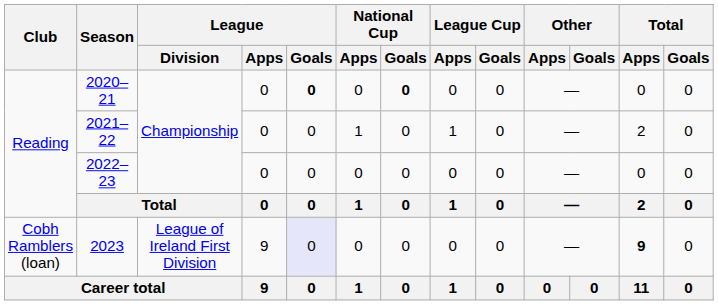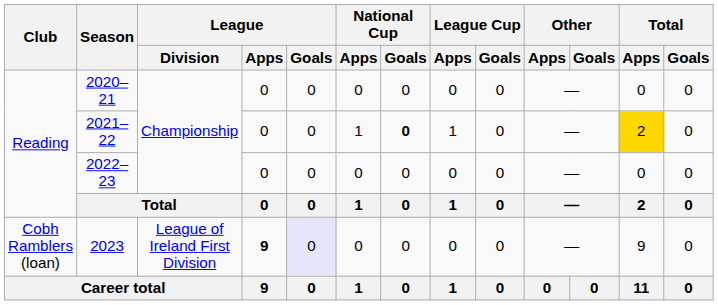 <table class="wikitable" style="text-align: center">
 <tr>
 <th rowspan="2">Club</th>
 <th rowspan="2">Season</th>
 <th colspan="3">League</th>
 <th colspan="2">National Cup</th>
 <th colspan="2">League Cup</th>
 <th colspan="2">Other</th>
 <th colspan="2">Total</th>
 </tr>
 <tr>
 <th>Division</th>
 <th>Apps</th>
 <th>Goals</th>
 <th>Apps</th>
 <th>Goals</th>
 <th>Apps</th>
 <th>Goals</th>
 <th>Apps</th>
 <th>Goals</th>
 <th>Apps</th>
 <th>Goals</th>
 </tr>
 <tr>
 <td rowspan="4"><a href='#'>Reading</a></td>
 <td><a href='#'>2020–21</a></td>
 <td rowspan="3"><a href='#'>Championship</a></td>
 <td>0</td>
-<td><strong>0</strong></td>
 <td>0</td>
-<td><strong>0</strong></td>
+<td>0</td>
+<td>0</td>
 <td>0</td>
 <td>0</td>
 <td colspan="2">—</td>
 <td>0</td>
 <td>0</td>
 </tr>
 <tr>
 <td><a href='#'>2021–22</a></td>
 <td>0</td>
 <td>0</td>
 <td>1</td>
-<td>0</td>
+<td><strong>0</strong></td>
 <td>1</td>
 <td>0</td>
 <td colspan="2">—</td>
-<td>2</td>
+<td style="background: gold;">2</td>
 <td>0</td>
 </tr>
 <tr>
 <td><a href='#'>2022–23</a></td>
 <td>0</td>
 <td>0</td>
 <td>0</td>
 <td>0</td>
 <td>0</td>
 <td>0</td>
 <td colspan="2">—</td>
 <td>0</td>
 <td>0</td>
 </tr>
 <tr>
 <th colspan="2">Total</th>
 <th>0</th>
 <th>0</th>
 <th>1</th>
 <th>0</th>
 <th>1</th>
 <th>0</th>
 <th colspan="2">—</th>
 <th>2</th>
 <th>0</th>
 </tr>
 <tr>
 <td><a href='#'>Cobh Ramblers</a> (loan)</td>
 <td><a href='#'>2023</a></td>
 <td><a href='#'>League of Ireland First Division</a></td>
-<td>9</td>
+<td><strong>9</strong></td>
 <td style="background: lavender;">0</td>
 <td>0</td>
 <td>0</td>
 <td>0</td>
 <td>0</td>
 <td colspan="2">—</td>
-<td><strong>9</strong></td>
+<td>9</td>
 <td>0</td>
 </tr>
 <tr>
 <th colspan="3">Career total</th>
 <th>9</th>
 <th>0</th>
 <th>1</th>
 <th>0</th>
 <th>1</th>
 <th>0</th>
 <th>0</th>
 <th>0</th>
 <th>11</th>
 <th>0</th>
 </tr>
 </table>
